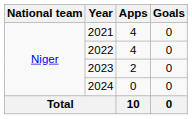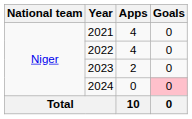 <table class="wikitable" style="text-align:center">
 <tr>
 <th>National team</th>
 <th>Year</th>
 <th>Apps</th>
 <th>Goals</th>
 </tr>
 <tr>
 <td rowspan="4"><a href='#'>Niger</a></td>
 <td>2021</td>
 <td>4</td>
 <td>0</td>
 </tr>
 <tr>
 <td>2022</td>
 <td>4</td>
 <td>0</td>
 </tr>
 <tr>
 <td>2023</td>
 <td>2</td>
 <td>0</td>
 </tr>
 <tr>
 <td>2024</td>
 <td>0</td>
-<td>0</td>
+<td style="background: pink;">0</td>
 </tr>
 <tr>
 <th colspan="2">Total</th>
 <th>10</th>
 <th>0</th>
 </tr>
 </table>
